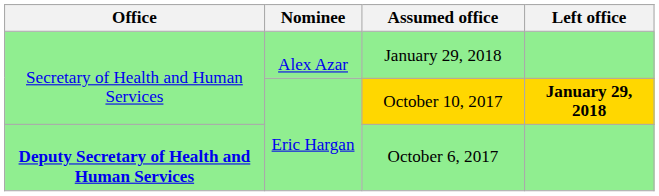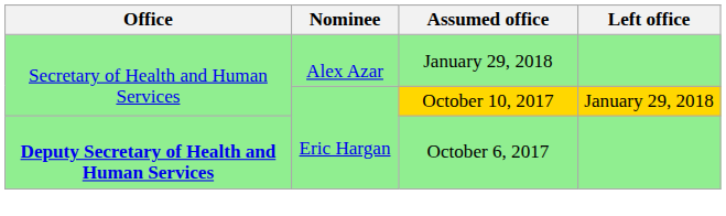 <table class="wikitable sortable" style="text-align:center">
 <tr>
 <th style="width:40%;">Office</th>
 <th style="width:15%;">Nominee</th>
 <th style="width:25%;" data-sort- type="date">Assumed office</th>
 <th style="width:20%;" data-sort- type="date">Left office</th>
 </tr>
 <tr style="background:lightgreen;">
 <td rowspan="2"><br><a href='#'>Secretary of Health and Human Services</a></td>
 <td><br><a href='#'>Alex Azar</a></td>
 <td style="background:lightgreen">January 29, 2018<br></td>
 <td style="background:lightgreen"></td>
 </tr>
 <tr style="background:lightgreen;">
 <td rowspan="2"><br><a href='#'>Eric Hargan</a></td>
 <td style="background:gold">October 10, 2017</td>
-<td style="background:gold"><strong>January 29, 2018</strong></td>
+<td style="background:gold">January 29, 2018</td>
 </tr>
 <tr style="background:lightgreen">
 <td><strong><br><a href='#'>Deputy Secretary of Health and Human Services</a></strong></td>
 <td>October 6, 2017<br></td>
 <td></td>
 </tr>
 </table>
